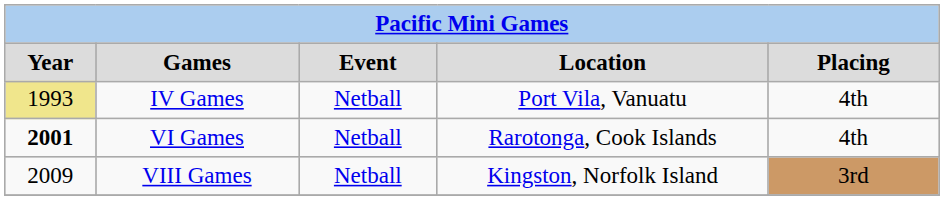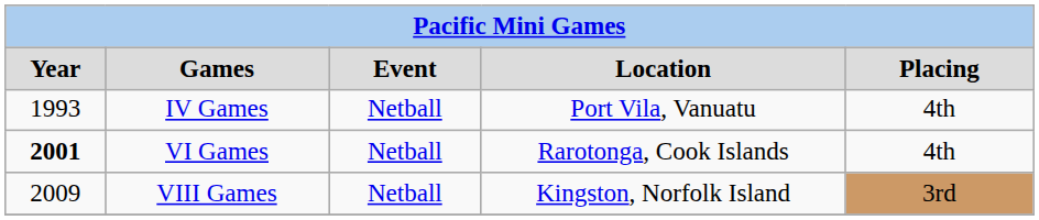 <table class=wikitable style="text-align:center; font-size:90%">
 <tr>
 <th colspan=5 style=background:#ABCDEF><a href='#'>Pacific Mini Games</a></th>
 </tr>
 <tr>
 <th width=50 style=background:gainsboro>Year</th>
 <th width=120 style=background:gainsboro>Games</th>
 <th width=80 style=background:gainsboro>Event</th>
 <th width=200 style=background:gainsboro>Location</th>
 <th width=100 style=background:gainsboro>Placing</th>
 </tr>
 <tr>
-<td style="background: khaki;">1993</td>
+<td>1993</td>
 <td><a href='#'>IV Games</a></td>
 <td><a href='#'>Netball</a></td>
 <td><a href='#'>Port Vila</a>, Vanuatu</td>
 <td bgcolor=>4th</td>
 </tr>
 <tr>
 <td><strong>2001</strong></td>
 <td><a href='#'>VI Games</a></td>
 <td><a href='#'>Netball</a></td>
 <td><a href='#'>Rarotonga</a>, Cook Islands</td>
 <td bgcolor=>4th</td>
 </tr>
 <tr>
 <td>2009</td>
 <td><a href='#'>VIII Games</a></td>
 <td><a href='#'>Netball</a></td>
 <td><a href='#'>Kingston</a>, Norfolk Island</td>
 <td bgcolor=#cc9966> 3rd</td>
 </tr>
 <tr>
 </tr>
 </table>
